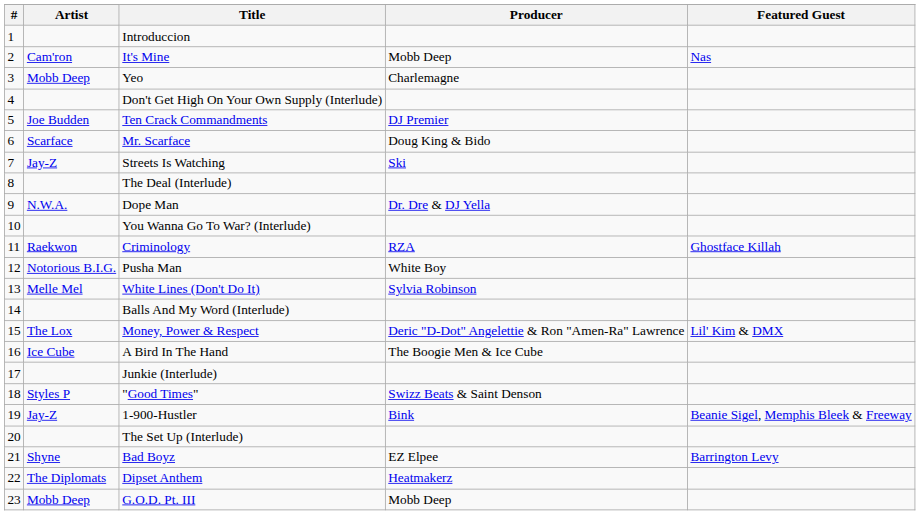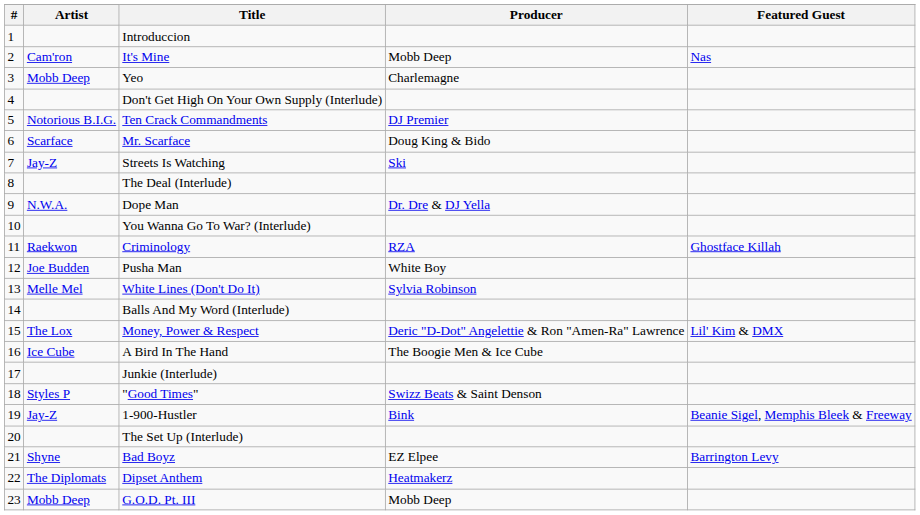 <table class="wikitable">
 <tr>
 </tr>
 <tr>
 <th align="center">#</th>
 <th align="center">Artist</th>
 <th align="center">Title</th>
 <th align="center">Producer</th>
 <th align="center">Featured Guest</th>
 </tr>
 <tr>
 <td>1</td>
 <td></td>
 <td>Introduccion</td>
 <td></td>
 <td></td>
 </tr>
 <tr>
 <td>2</td>
 <td><a href='#'>Cam'ron</a></td>
 <td><a href='#'>It's Mine</a></td>
 <td>Mobb Deep</td>
 <td><a href='#'>Nas</a></td>
 </tr>
 <tr>
 <td>3</td>
 <td><a href='#'>Mobb Deep</a></td>
 <td>Yeo</td>
 <td>Charlemagne</td>
 <td></td>
 </tr>
 <tr>
 <td>4</td>
 <td></td>
 <td>Don't Get High On Your Own Supply (Interlude)</td>
 <td></td>
 <td></td>
 </tr>
 <tr>
 <td>5</td>
-<td><a href='#'>Joe Budden</a></td>
+<td><a href='#'>Notorious B.I.G.</a></td>
 <td><a href='#'>Ten Crack Commandments</a></td>
 <td><a href='#'>DJ Premier</a></td>
 <td></td>
 </tr>
 <tr>
 <td>6</td>
 <td><a href='#'>Scarface</a></td>
 <td><a href='#'>Mr. Scarface</a></td>
 <td>Doug King & Bido</td>
 <td></td>
 </tr>
 <tr>
 <td>7</td>
 <td><a href='#'>Jay-Z</a></td>
 <td>Streets Is Watching</td>
 <td><a href='#'>Ski</a></td>
 <td></td>
 </tr>
 <tr>
 <td>8</td>
 <td></td>
 <td>The Deal (Interlude)</td>
 <td></td>
 <td></td>
 </tr>
 <tr>
 <td>9</td>
 <td><a href='#'>N.W.A.</a></td>
 <td>Dope Man</td>
 <td><a href='#'>Dr. Dre</a> & <a href='#'>DJ Yella</a></td>
 <td></td>
 </tr>
 <tr>
 <td>10</td>
 <td></td>
 <td>You Wanna Go To War? (Interlude)</td>
 <td></td>
 <td></td>
 </tr>
 <tr>
 <td>11</td>
 <td><a href='#'>Raekwon</a></td>
 <td><a href='#'>Criminology</a></td>
 <td><a href='#'>RZA</a></td>
 <td><a href='#'>Ghostface Killah</a></td>
 </tr>
 <tr>
 <td>12</td>
-<td><a href='#'>Notorious B.I.G.</a></td>
+<td><a href='#'>Joe Budden</a></td>
 <td>Pusha Man</td>
 <td>White Boy</td>
 <td></td>
 </tr>
 <tr>
 <td>13</td>
 <td><a href='#'>Melle Mel</a></td>
 <td><a href='#'>White Lines (Don't Do It)</a></td>
 <td><a href='#'>Sylvia Robinson</a></td>
 <td></td>
 </tr>
 <tr>
 <td>14</td>
 <td></td>
 <td>Balls And My Word (Interlude)</td>
 <td></td>
 <td></td>
 </tr>
 <tr>
 <td>15</td>
 <td><a href='#'>The Lox</a></td>
 <td><a href='#'>Money, Power & Respect</a></td>
 <td><a href='#'>Deric "D-Dot" Angelettie</a> & Ron "Amen-Ra" Lawrence</td>
 <td><a href='#'>Lil' Kim</a> & <a href='#'>DMX</a></td>
 </tr>
 <tr>
 <td>16</td>
 <td><a href='#'>Ice Cube</a></td>
 <td>A Bird In The Hand</td>
 <td>The Boogie Men & Ice Cube</td>
 <td></td>
 </tr>
 <tr>
 <td>17</td>
 <td></td>
 <td>Junkie (Interlude)</td>
 <td></td>
 <td></td>
 </tr>
 <tr>
 <td>18</td>
 <td><a href='#'>Styles P</a></td>
 <td>"<a href='#'>Good Times</a>"</td>
 <td><a href='#'>Swizz Beats</a> & Saint Denson</td>
 <td></td>
 </tr>
 <tr>
 <td>19</td>
 <td><a href='#'>Jay-Z</a></td>
 <td>1-900-Hustler</td>
 <td><a href='#'>Bink</a></td>
 <td><a href='#'>Beanie Sigel</a>, <a href='#'>Memphis Bleek</a> & <a href='#'>Freeway</a></td>
 </tr>
 <tr>
 <td>20</td>
 <td></td>
 <td>The Set Up (Interlude)</td>
 <td></td>
 <td></td>
 </tr>
 <tr>
 <td>21</td>
 <td><a href='#'>Shyne</a></td>
 <td><a href='#'>Bad Boyz</a></td>
 <td>EZ Elpee</td>
 <td><a href='#'>Barrington Levy</a></td>
 </tr>
 <tr>
 <td>22</td>
 <td><a href='#'>The Diplomats</a></td>
 <td><a href='#'>Dipset Anthem</a></td>
 <td><a href='#'>Heatmakerz</a></td>
 <td></td>
 </tr>
 <tr>
 <td>23</td>
 <td><a href='#'>Mobb Deep</a></td>
 <td><a href='#'>G.O.D. Pt. III</a></td>
 <td>Mobb Deep</td>
 <td></td>
 </tr>
 </table>
